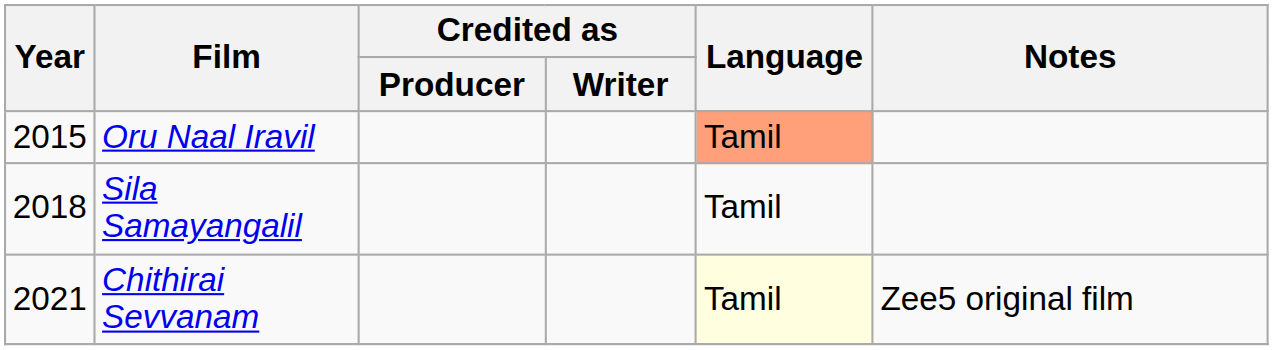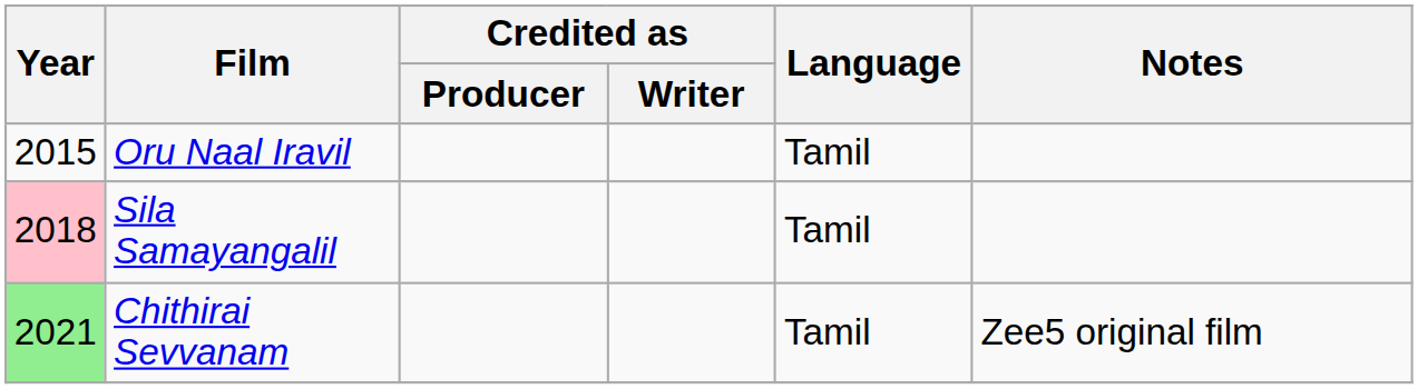 <table class="wikitable sortable">
 <tr>
 <th rowspan="2" style="width:35px;">Year</th>
 <th rowspan="2" style="width:150px;">Film</th>
 <th colspan="2" style="width:195px;">Credited as</th>
 <th rowspan="2" style="text-align:center; width:80px;">Language</th>
 <th rowspan="2"  style="text-align:center; width:350px;" class="unsortable">Notes</th>
 </tr>
 <tr>
 <th width=65>Producer</th>
 <th width=65>Writer</th>
 </tr>
 <tr>
 <td>2015</td>
 <td><em><a href='#'>Oru Naal Iravil</a></em></td>
 <td style="text-align:center;"></td>
 <td style="text-align:center;"></td>
-<td style="background: lightsalmon;">Tamil</td>
+<td>Tamil</td>
 <td></td>
 </tr>
 <tr>
-<td>2018</td>
+<td style="background: pink;">2018</td>
 <td><em><a href='#'>Sila Samayangalil</a></em></td>
 <td style="text-align:center;"></td>
 <td style="text-align:center;"></td>
 <td>Tamil</td>
 <td></td>
 </tr>
 <tr>
-<td>2021</td>
+<td style="background: lightgreen;">2021</td>
 <td><em><a href='#'>Chithirai Sevvanam</a></em></td>
 <td style="text-align:center;"></td>
 <td style="text-align:center;"></td>
-<td style="background: lightyellow;">Tamil</td>
+<td>Tamil</td>
 <td>Zee5 original film</td>
 </tr>
 <tr>
 </tr>
 </table>
